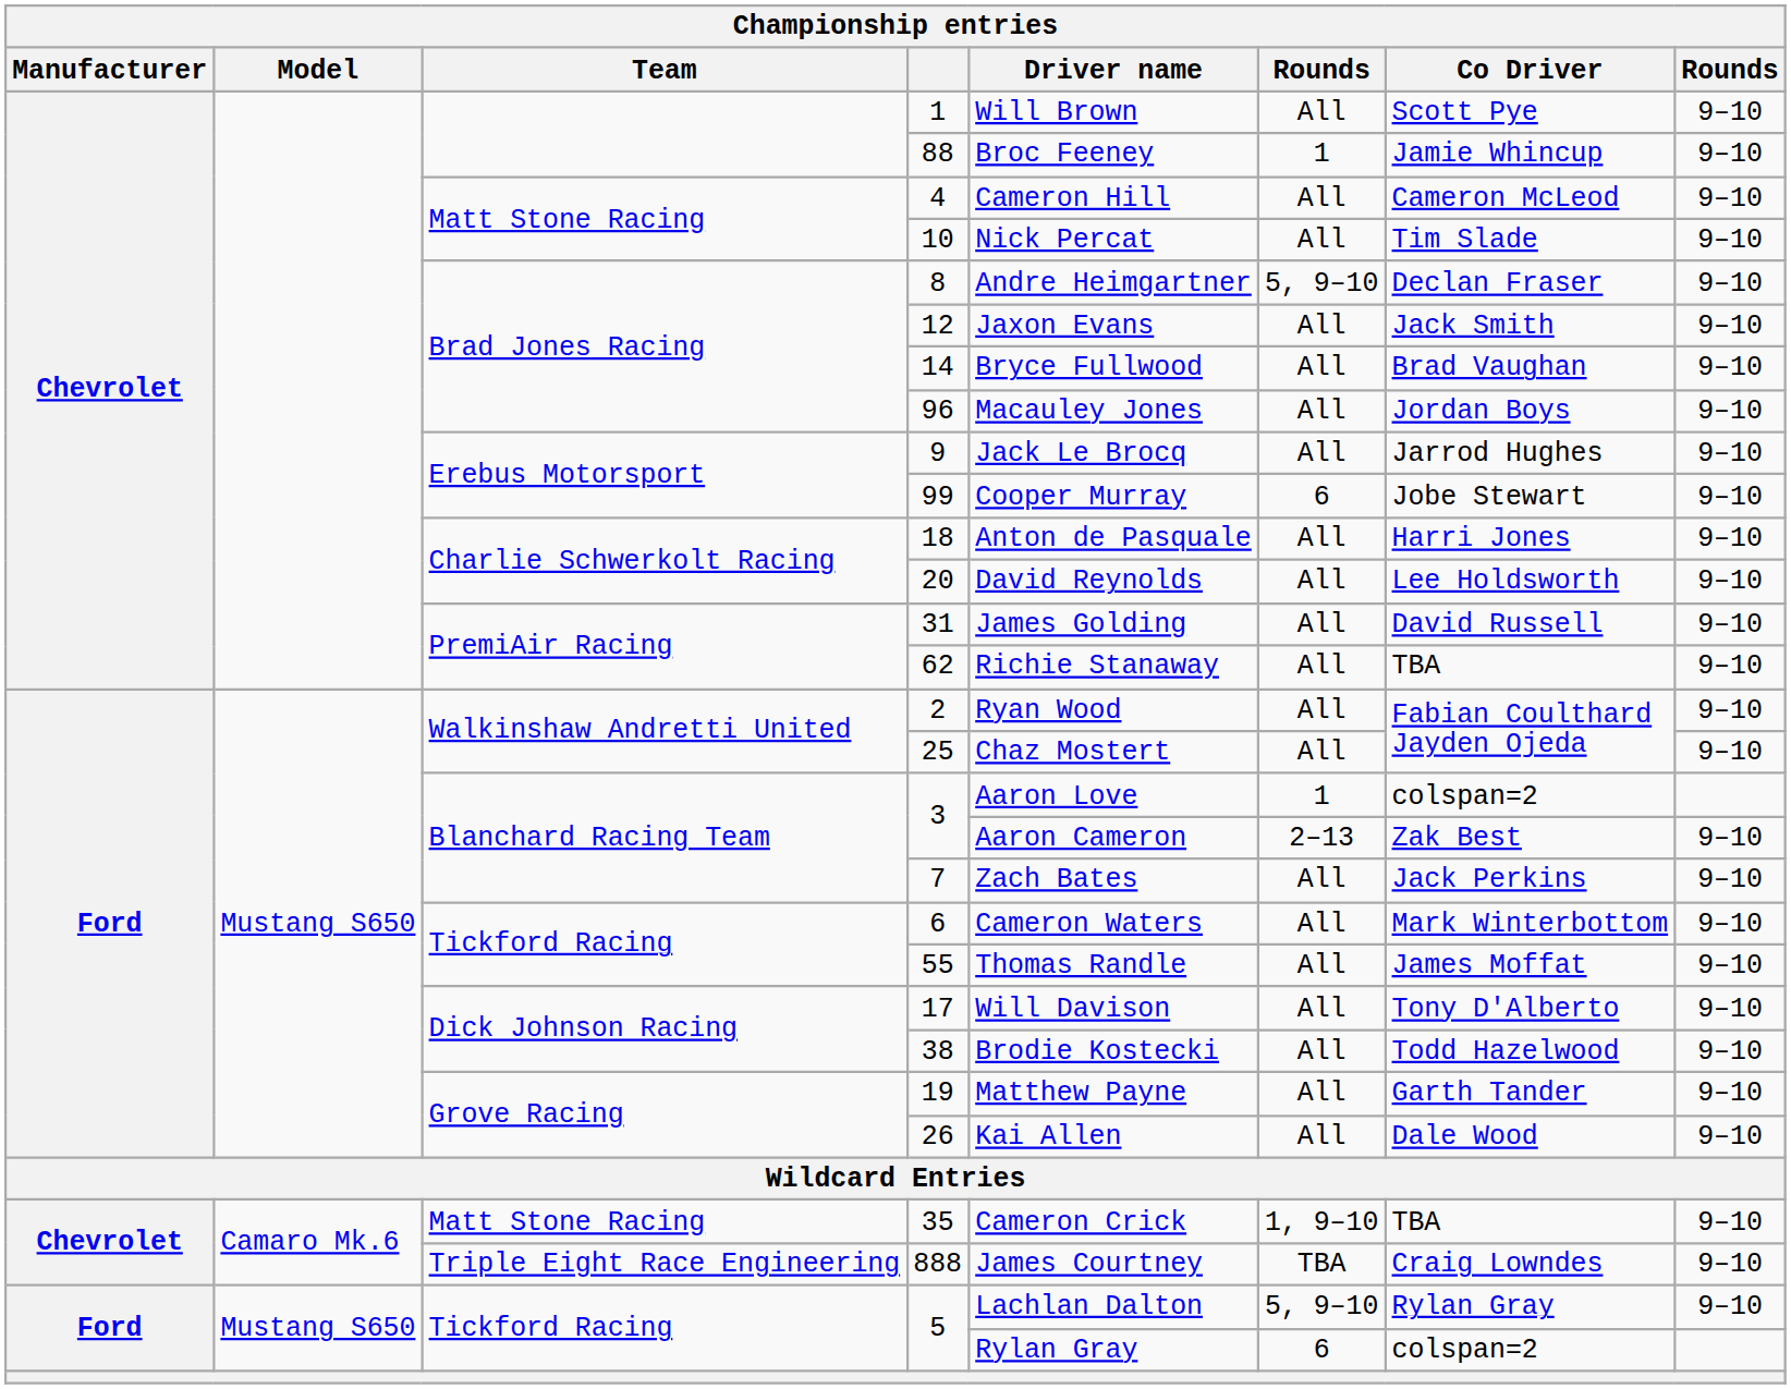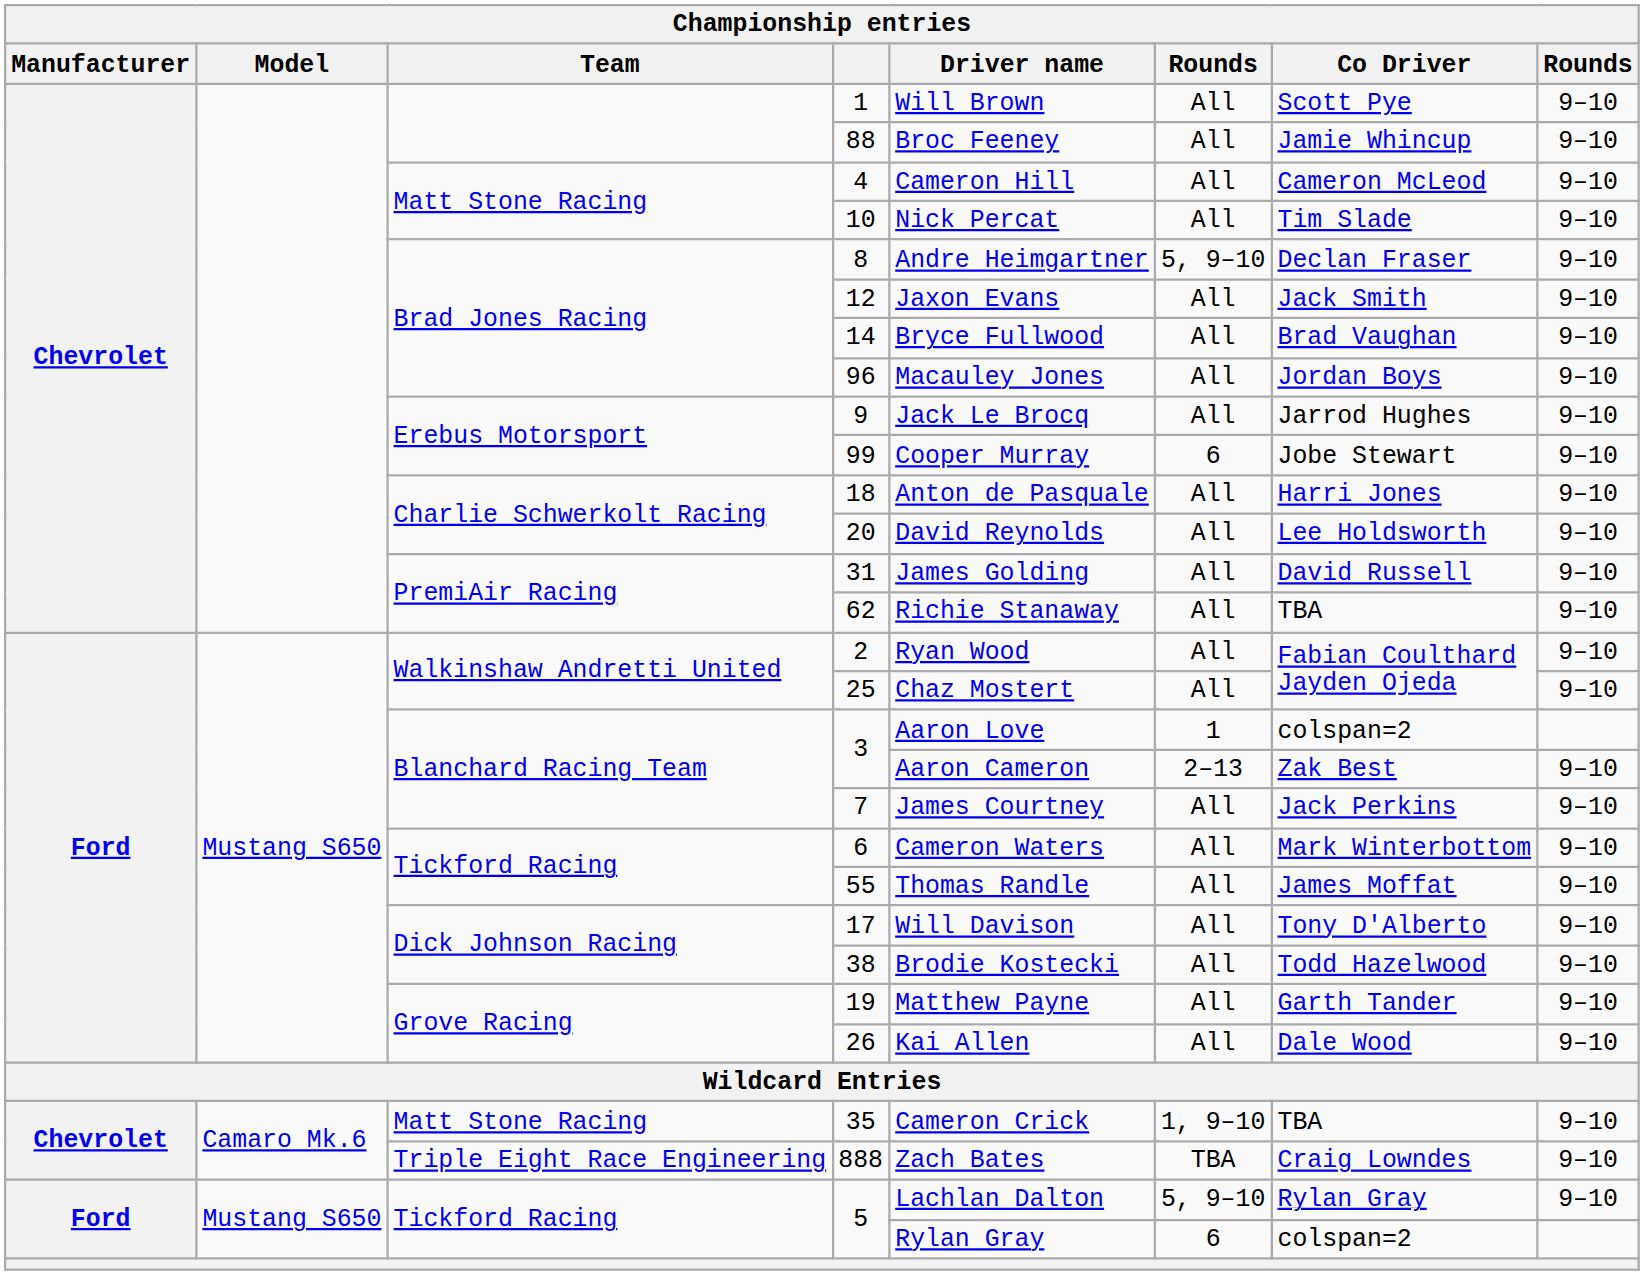 <table class="wikitable" style="font-size:85%;">
 <tr>
 <th colspan="8">Championship entries</th>
 </tr>
 <tr>
 <th>Manufacturer</th>
 <th>Model</th>
 <th>Team</th>
 <th></th>
 <th>Driver name</th>
 <th>Rounds</th>
 <th>Co Driver</th>
 <th>Rounds</th>
 </tr>
 <tr>
 <th rowspan="14"><a href='#'>Chevrolet</a></th>
 <td rowspan="14"></td>
 <td rowspan="2"></td>
 <td align="center">1</td>
 <td> <a href='#'>Will Brown</a></td>
 <td align="center">All</td>
 <td> <a href='#'>Scott Pye</a></td>
 <td align=center>9–10</td>
 </tr>
 <tr>
 <td align="center">88</td>
 <td> <a href='#'>Broc Feeney</a></td>
-<td align="center">1</td>
+<td align="center">All</td>
 <td> <a href='#'>Jamie Whincup</a></td>
 <td align="center">9–10</td>
 </tr>
 <tr>
 <td rowspan="2"><a href='#'>Matt Stone Racing</a></td>
 <td align="center">4</td>
 <td> <a href='#'>Cameron Hill</a></td>
 <td align="center">All</td>
 <td> <a href='#'>Cameron McLeod</a></td>
 <td align=center>9–10</td>
 </tr>
 <tr>
 <td align="center">10</td>
 <td> <a href='#'>Nick Percat</a></td>
 <td align="center">All</td>
 <td> <a href='#'>Tim Slade</a></td>
 <td align=center>9–10</td>
 </tr>
 <tr>
 <td rowspan="4"><a href='#'>Brad Jones Racing</a></td>
 <td align="center">8</td>
 <td> <a href='#'>Andre Heimgartner</a></td>
 <td align=center>5, 9–10</td>
 <td> <a href='#'>Declan Fraser</a></td>
 <td align=center>9–10</td>
 </tr>
 <tr>
 <td align="center">12</td>
 <td> <a href='#'>Jaxon Evans</a></td>
 <td align="center">All</td>
 <td> <a href='#'>Jack Smith</a></td>
 <td align="center">9–10</td>
 </tr>
 <tr>
 <td align="center">14</td>
 <td> <a href='#'>Bryce Fullwood</a></td>
 <td align="center">All</td>
 <td> <a href='#'>Brad Vaughan</a></td>
 <td align="center">9–10</td>
 </tr>
 <tr>
 <td align="center">96</td>
 <td> <a href='#'>Macauley Jones</a></td>
 <td align="center">All</td>
 <td> <a href='#'>Jordan Boys</a></td>
 <td align="center">9–10</td>
 </tr>
 <tr>
 <td rowspan="2"><a href='#'>Erebus Motorsport</a></td>
 <td align="center">9</td>
 <td> <a href='#'>Jack Le Brocq</a></td>
 <td align="center">All</td>
 <td> Jarrod Hughes</td>
 <td align=center>9–10</td>
 </tr>
 <tr>
 <td align="center">99</td>
 <td> <a href='#'>Cooper Murray</a></td>
 <td align=center>6</td>
 <td> Jobe Stewart</td>
 <td align=center>9–10</td>
 </tr>
 <tr>
 <td rowspan="2"><a href='#'>Charlie Schwerkolt Racing</a></td>
 <td align="center">18</td>
 <td nowrap> <a href='#'>Anton de Pasquale</a></td>
 <td align="center">All</td>
 <td> <a href='#'>Harri Jones</a></td>
 <td align=center>9–10</td>
 </tr>
 <tr>
 <td align="center">20</td>
 <td> <a href='#'>David Reynolds</a></td>
 <td align="center">All</td>
 <td> <a href='#'>Lee Holdsworth</a></td>
 <td align="center">9–10</td>
 </tr>
 <tr>
 <td rowspan="2"><a href='#'>PremiAir Racing</a></td>
 <td align="center">31</td>
 <td> <a href='#'>James Golding</a></td>
 <td align="center">All</td>
 <td> <a href='#'>David Russell</a></td>
 <td align=center>9–10</td>
 </tr>
 <tr>
 <td align="center">62</td>
 <td> <a href='#'>Richie Stanaway</a></td>
 <td align="center">All</td>
 <td> TBA</td>
 <td align=center>9–10</td>
 </tr>
 <tr>
 <th rowspan="11"><a href='#'>Ford</a></th>
 <td rowspan="11"><a href='#'>Mustang S650</a></td>
 <td rowspan="2"><a href='#'>Walkinshaw Andretti United</a></td>
 <td align="center">2</td>
 <td> <a href='#'>Ryan Wood</a></td>
 <td align="center">All</td>
 <td rowspan=2> <a href='#'>Fabian Coulthard</a> <br> <a href='#'>Jayden Ojeda</a></td>
 <td align=center>9–10</td>
 </tr>
 <tr>
 <td align="center">25</td>
 <td> <a href='#'>Chaz Mostert</a></td>
 <td align="center">All</td>
 <td align=center>9–10</td>
 </tr>
 <tr>
 <td rowspan="3"><a href='#'>Blanchard Racing Team</a></td>
 <td rowspan="2" align="center">3</td>
 <td> <a href='#'>Aaron Love</a></td>
 <td align="center">1</td>
 <td>colspan=2 </td>
 </tr>
 <tr>
 <td> <a href='#'>Aaron Cameron</a></td>
 <td align="center">2–13</td>
 <td> <a href='#'>Zak Best</a></td>
 <td align=center>9–10</td>
 </tr>
 <tr>
 <td align="center">7</td>
-<td> <a href='#'>Zach Bates</a></td>
+<td> <a href='#'>James Courtney</a></td>
 <td align="center">All</td>
 <td> <a href='#'>Jack Perkins</a></td>
 <td align="center">9–10</td>
 </tr>
 <tr>
 <td rowspan="2"><a href='#'>Tickford Racing</a></td>
 <td align="center">6</td>
 <td> <a href='#'>Cameron Waters</a></td>
 <td align="center">All</td>
 <td nowrap> <a href='#'>Mark Winterbottom</a></td>
 <td align=center>9–10</td>
 </tr>
 <tr>
 <td align="center">55</td>
 <td> <a href='#'>Thomas Randle</a></td>
 <td align="center">All</td>
 <td> <a href='#'>James Moffat</a></td>
 <td align=center>9–10</td>
 </tr>
 <tr>
 <td rowspan="2"><a href='#'>Dick Johnson Racing</a></td>
 <td align="center">17</td>
 <td> <a href='#'>Will Davison</a></td>
 <td align="center">All</td>
 <td> <a href='#'>Tony D'Alberto</a></td>
 <td align=center>9–10</td>
 </tr>
 <tr>
 <td align="center">38</td>
 <td> <a href='#'>Brodie Kostecki</a></td>
 <td align="center">All</td>
 <td> <a href='#'>Todd Hazelwood</a></td>
 <td align=center>9–10</td>
 </tr>
 <tr>
 <td rowspan="2"><a href='#'>Grove Racing</a></td>
 <td align="center">19</td>
 <td> <a href='#'>Matthew Payne</a></td>
 <td align="center">All</td>
 <td> <a href='#'>Garth Tander</a></td>
 <td align=center>9–10</td>
 </tr>
 <tr>
 <td align="center">26</td>
 <td> <a href='#'>Kai Allen</a></td>
 <td align="center">All</td>
 <td> <a href='#'>Dale Wood</a></td>
 <td align="center">9–10</td>
 </tr>
 <tr>
 <th colspan="8">Wildcard Entries</th>
 </tr>
 <tr>
 <th rowspan="2"><a href='#'>Chevrolet</a></th>
 <td rowspan="2"><a href='#'>Camaro Mk.6</a></td>
 <td><a href='#'>Matt Stone Racing</a></td>
 <td align="center">35</td>
 <td> <a href='#'>Cameron Crick</a></td>
 <td align="center">1, 9–10</td>
 <td> TBA</td>
 <td align="center">9–10</td>
 </tr>
 <tr>
 <td><a href='#'>Triple Eight Race Engineering</a></td>
 <td align="center">888</td>
-<td> <a href='#'>James Courtney</a></td>
+<td> <a href='#'>Zach Bates</a></td>
 <td align="center">TBA</td>
 <td> <a href='#'>Craig Lowndes</a></td>
 <td align="center">9–10</td>
 </tr>
 <tr>
 <th rowspan="2"><a href='#'>Ford</a></th>
 <td rowspan="2"><a href='#'>Mustang S650</a></td>
 <td rowspan="2"><a href='#'>Tickford Racing</a></td>
 <td rowspan=2 align=center>5</td>
 <td> <a href='#'>Lachlan Dalton</a></td>
 <td align=center>5, 9–10</td>
 <td> <a href='#'>Rylan Gray</a></td>
 <td align=center>9–10</td>
 </tr>
 <tr>
 <td> <a href='#'>Rylan Gray</a></td>
 <td align=center>6</td>
 <td>colspan=2 </td>
 </tr>
 <tr>
 <th colspan="8"></th>
 </tr>
 </table>
